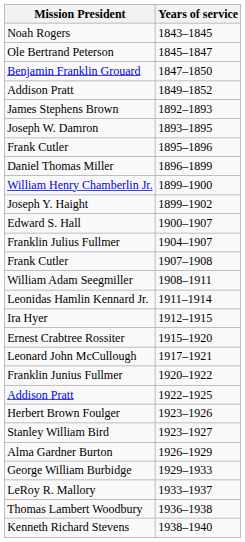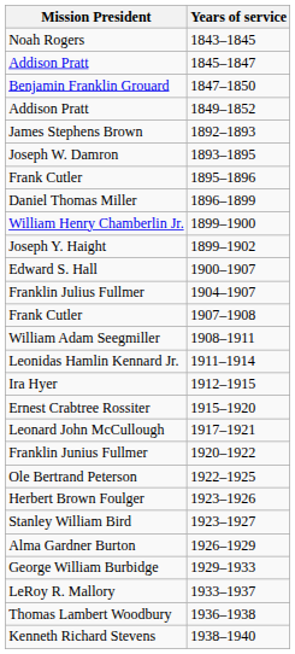 <table class="wikitable">
 <tr>
 <th scope="col">Mission President</th>
 <th scope="col">Years of service</th>
 </tr>
 <tr>
 <td>Noah Rogers</td>
 <td>1843–1845</td>
 </tr>
 <tr>
-<td>Ole Bertrand Peterson</td>
+<td><a href='#'>Addison Pratt</a></td>
 <td>1845–1847</td>
 </tr>
 <tr>
 <td><a href='#'>Benjamin Franklin Grouard</a></td>
 <td>1847–1850</td>
 </tr>
 <tr>
 <td>Addison Pratt</td>
 <td>1849–1852</td>
 </tr>
 <tr>
 <td>James Stephens Brown</td>
 <td>1892–1893</td>
 </tr>
 <tr>
 <td>Joseph W. Damron</td>
 <td>1893–1895</td>
 </tr>
 <tr>
 <td>Frank Cutler</td>
 <td>1895–1896</td>
 </tr>
 <tr>
 <td>Daniel Thomas Miller</td>
 <td>1896–1899</td>
 </tr>
 <tr>
 <td><a href='#'>William Henry Chamberlin Jr.</a></td>
 <td>1899–1900</td>
 </tr>
 <tr>
 <td>Joseph Y. Haight</td>
 <td>1899–1902</td>
 </tr>
 <tr>
 <td>Edward S. Hall</td>
 <td>1900–1907</td>
 </tr>
 <tr>
 <td>Franklin Julius Fullmer</td>
 <td>1904–1907</td>
 </tr>
 <tr>
 <td>Frank Cutler</td>
 <td>1907–1908</td>
 </tr>
 <tr>
 <td>William Adam Seegmiller</td>
 <td>1908–1911</td>
 </tr>
 <tr>
 <td>Leonidas Hamlin Kennard Jr.</td>
 <td>1911–1914</td>
 </tr>
 <tr>
 <td>Ira Hyer</td>
 <td>1912–1915</td>
 </tr>
 <tr>
 <td>Ernest Crabtree Rossiter</td>
 <td>1915–1920</td>
 </tr>
 <tr>
 <td>Leonard John McCullough</td>
 <td>1917–1921</td>
 </tr>
 <tr>
 <td>Franklin Junius Fullmer</td>
 <td>1920–1922</td>
 </tr>
 <tr>
-<td><a href='#'>Addison Pratt</a></td>
+<td>Ole Bertrand Peterson</td>
 <td>1922–1925</td>
 </tr>
 <tr>
 <td>Herbert Brown Foulger</td>
 <td>1923–1926</td>
 </tr>
 <tr>
 <td>Stanley William Bird</td>
 <td>1923–1927</td>
 </tr>
 <tr>
 <td>Alma Gardner Burton</td>
 <td>1926–1929</td>
 </tr>
 <tr>
 <td>George William Burbidge</td>
 <td>1929–1933</td>
 </tr>
 <tr>
 <td>LeRoy R. Mallory</td>
 <td>1933–1937</td>
 </tr>
 <tr>
 <td>Thomas Lambert Woodbury</td>
 <td>1936–1938</td>
 </tr>
 <tr>
 <td>Kenneth Richard Stevens</td>
 <td>1938–1940</td>
 </tr>
 </table>
